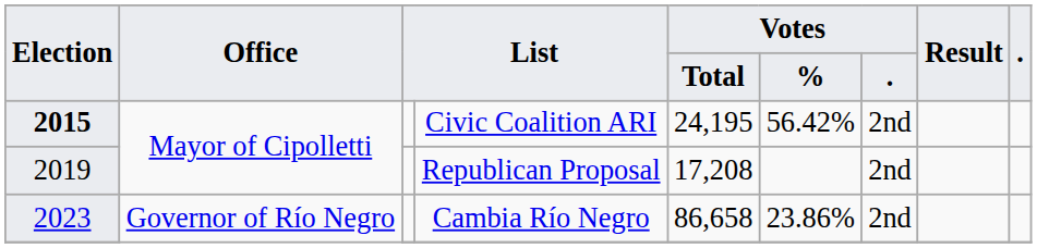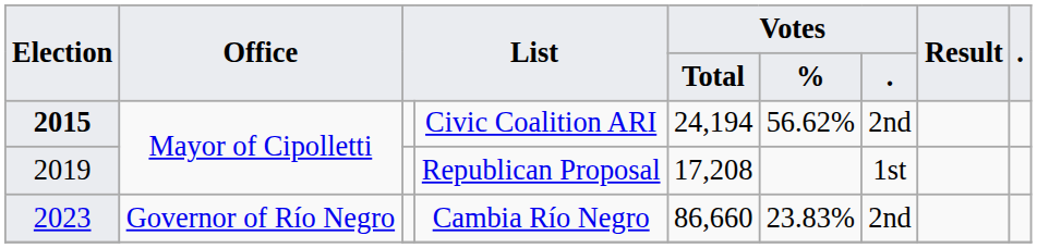 <table class="wikitable" style="font-size:90%; text-align:center;">
 <tr>
 <th style="background-color:#EAECF0;" rowspan=2>Election</th>
 <th style="background-color:#EAECF0;" rowspan=2>Office</th>
 <th style="background-color:#EAECF0;" colspan=2 rowspan=2>List</th>
 <th style="background-color:#EAECF0;" colspan=3>Votes</th>
 <th style="background-color:#EAECF0;" rowspan=2>Result</th>
 <th style="background-color:#EAECF0;" rowspan=2>.</th>
 </tr>
 <tr>
 <th style="background-color:#EAECF0;">Total</th>
 <th style="background-color:#EAECF0;">%</th>
 <th style="background-color:#EAECF0;">.</th>
 </tr>
 <tr>
 <td style="background-color:#EAECF0;"><strong>2015</strong></td>
 <td rowspan="2"><a href='#'>Mayor of Cipolletti</a></td>
 <td style="background-color:"></td>
 <td><a href='#'>Civic Coalition ARI</a></td>
-<td>24,195</td>
-<td>56.42%</td>
+<td>24,194</td>
+<td>56.62%</td>
 <td>2nd</td>
 <td></td>
 <td></td>
 </tr>
 <tr>
 <td style="background-color:#EAECF0;">2019</td>
 <td style="background-color:"></td>
 <td><a href='#'>Republican Proposal</a></td>
 <td>17,208</td>
 <td></td>
-<td>2nd</td>
+<td>1st</td>
 <td></td>
 <td></td>
 </tr>
 <tr>
 <td style="background-color:#EAECF0;"><a href='#'>2023</a></td>
 <td rowspan="2"><a href='#'>Governor of Río Negro</a></td>
 <td style="background-color:"></td>
 <td><a href='#'>Cambia Río Negro</a></td>
-<td>86,658</td>
-<td>23.86%</td>
+<td>86,660</td>
+<td>23.83%</td>
 <td>2nd</td>
 <td></td>
 <td></td>
 </tr>
 <tr>
 </tr>
 </table>
